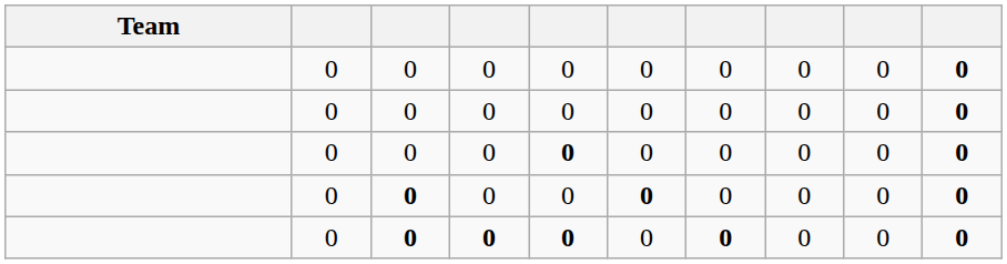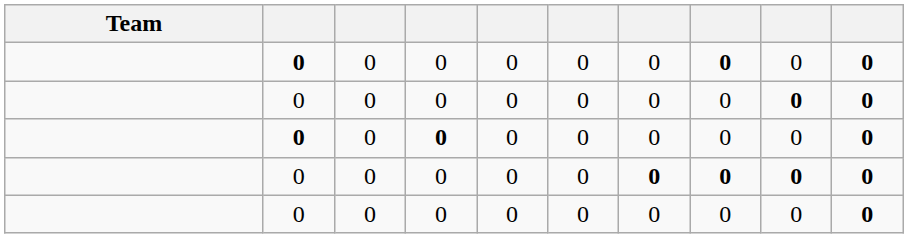 <table class="wikitable" style="text-align:center;">
 <tr>
 <th width=165>Team</th>
 <th width=40></th>
 <th width=40></th>
 <th width=40></th>
 <th width=40></th>
 <th width=40></th>
 <th width=40></th>
 <th width=40></th>
 <th width=40></th>
 <th width=40></th>
 </tr>
 <tr style="background:">
 <td style="text-align:left;"></td>
+<td><strong>0</strong></td>
+<td>0</td>
+<td>0</td>
+<td>0</td>
+<td>0</td>
+<td>0</td>
+<td><strong>0</strong></td>
+<td>0</td>
+<td><strong>0</strong></td>
+</tr>
+<tr style="background:">
+<td style="text-align:left;"></td>
 <td>0</td>
 <td>0</td>
 <td>0</td>
 <td>0</td>
 <td>0</td>
 <td>0</td>
 <td>0</td>
+<td><strong>0</strong></td>
+<td><strong>0</strong></td>
+</tr>
+<tr style="background:">
+<td style="text-align:left;"></td>
+<td><strong>0</strong></td>
 <td>0</td>
+<td><strong>0</strong></td>
+<td>0</td>
+<td>0</td>
+<td>0</td>
+<td>0</td>
+<td>0</td>
+<td><strong>0</strong></td>
+</tr>
+<tr style="background:">
+<td style="text-align:left;"><strong></strong></td>
+<td>0</td>
+<td>0</td>
+<td>0</td>
+<td>0</td>
+<td>0</td>
+<td><strong>0</strong></td>
+<td><strong>0</strong></td>
+<td><strong>0</strong></td>
 <td><strong>0</strong></td>
 </tr>
 <tr style="background:">
 <td style="text-align:left;"></td>
 <td>0</td>
 <td>0</td>
 <td>0</td>
 <td>0</td>
 <td>0</td>
 <td>0</td>
 <td>0</td>
 <td>0</td>
 <td><strong>0</strong></td>
 </tr>
-<tr style="background:">
-<td style="text-align:left;"></td>
-<td>0</td>
-<td>0</td>
-<td>0</td>
-<td><strong>0</strong></td>
-<td>0</td>
-<td>0</td>
-<td>0</td>
-<td>0</td>
-<td><strong>0</strong></td>
-</tr>
-<tr style="background:">
-<td style="text-align:left;"><strong></strong></td>
-<td>0</td>
-<td><strong>0</strong></td>
-<td>0</td>
-<td>0</td>
-<td><strong>0</strong></td>
-<td>0</td>
-<td>0</td>
-<td>0</td>
-<td><strong>0</strong></td>
-</tr>
-<tr style="background:">
-<td style="text-align:left;"></td>
-<td>0</td>
-<td><strong>0</strong></td>
-<td><strong>0</strong></td>
-<td><strong>0</strong></td>
-<td>0</td>
-<td><strong>0</strong></td>
-<td>0</td>
-<td>0</td>
-<td><strong>0</strong></td>
-</tr>
 </table>
